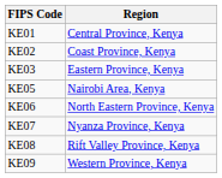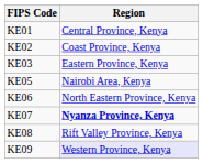 <table class="wikitable">
 <tr>
 <th>FIPS Code</th>
 <th>Region</th>
 </tr>
 <tr>
 <td>KE01</td>
 <td><a href='#'>Central Province, Kenya</a></td>
 </tr>
 <tr>
 <td>KE02</td>
 <td><a href='#'>Coast Province, Kenya</a></td>
 </tr>
 <tr>
 <td>KE03</td>
 <td><a href='#'>Eastern Province, Kenya</a></td>
 </tr>
 <tr>
 <td>KE05</td>
 <td><a href='#'>Nairobi Area, Kenya</a></td>
 </tr>
 <tr>
 <td>KE06</td>
 <td><a href='#'>North Eastern Province, Kenya</a></td>
 </tr>
 <tr>
 <td>KE07</td>
-<td><a href='#'>Nyanza Province, Kenya</a></td>
+<td><strong><a href='#'>Nyanza Province, Kenya</a></strong></td>
 </tr>
 <tr>
 <td>KE08</td>
 <td><a href='#'>Rift Valley Province, Kenya</a></td>
 </tr>
 <tr>
 <td>KE09</td>
-<td><a href='#'>Western Province, Kenya</a></td>
+<td style="background: lavender;"><a href='#'>Western Province, Kenya</a></td>
 </tr>
 </table>
